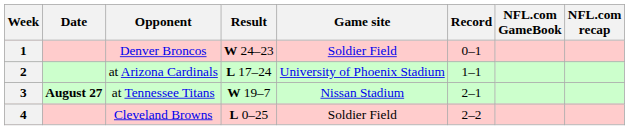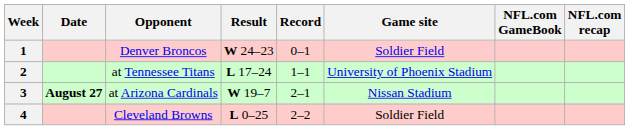 <table class="wikitable" style="text-align:center">
 <tr>
 <th>Week</th>
 <th>Date</th>
 <th>Opponent</th>
 <th>Result</th>
+<th>Record</th>
 <th>Game site</th>
-<th>Record</th>
 <th>NFL.com<br>GameBook</th>
 <th>NFL.com<br>recap</th>
 </tr>
 <tr style="background:#fcc">
 <th>1</th>
 <td></td>
 <td><a href='#'>Denver Broncos</a></td>
 <td><strong>W</strong> 24–23</td>
+<td>0–1</td>
 <td><a href='#'>Soldier Field</a></td>
-<td>0–1</td>
 <td></td>
 <td></td>
 </tr>
 <tr style="background:#cfc">
 <th>2</th>
 <td></td>
-<td>at <a href='#'>Arizona Cardinals</a></td>
+<td>at <a href='#'>Tennessee Titans</a></td>
 <td><strong>L</strong> 17–24</td>
+<td>1–1</td>
 <td><a href='#'>University of Phoenix Stadium</a></td>
-<td>1–1</td>
 <td></td>
 <td></td>
 </tr>
 <tr style="background:#cfc">
 <th>3</th>
 <td><strong>August 27</strong></td>
-<td>at <a href='#'>Tennessee Titans</a></td>
+<td>at <a href='#'>Arizona Cardinals</a></td>
 <td><strong>W</strong> 19–7</td>
+<td>2–1</td>
 <td><a href='#'>Nissan Stadium</a></td>
-<td>2–1</td>
 <td></td>
 <td></td>
 </tr>
 <tr style="background:#fcc">
 <th>4</th>
 <td></td>
 <td><a href='#'>Cleveland Browns</a></td>
 <td><strong>L</strong> 0–25</td>
+<td>2–2</td>
 <td>Soldier Field</td>
-<td>2–2</td>
 <td></td>
 <td></td>
 </tr>
 </table>
